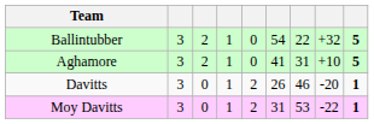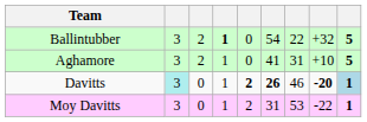 <table class="wikitable" style="text-align:center">
 <tr>
 <th style="width:175px;">Team</th>
 <th width="20"></th>
 <th width="20"></th>
 <th width="20"></th>
 <th width="20"></th>
 <th width="20"></th>
 <th width="20"></th>
 <th width="20"></th>
 <th width="20"></th>
 </tr>
 <tr style="background:#cfc;">
 <td>Ballintubber</td>
 <td>3</td>
 <td>2</td>
-<td>1</td>
+<td><strong>1</strong></td>
 <td>0</td>
 <td>54</td>
 <td>22</td>
 <td>+32</td>
 <td><strong>5</strong></td>
 </tr>
 <tr style="background:#cfc;">
 <td>Aghamore</td>
 <td>3</td>
 <td>2</td>
 <td>1</td>
 <td>0</td>
 <td>41</td>
 <td>31</td>
 <td>+10</td>
 <td><strong>5</strong></td>
 </tr>
 <tr>
 <td>Davitts</td>
-<td>3</td>
+<td style="background: paleturquoise;">3</td>
 <td>0</td>
 <td>1</td>
-<td>2</td>
-<td>26</td>
+<td><strong>2</strong></td>
+<td><strong>26</strong></td>
 <td>46</td>
-<td>-20</td>
-<td><strong>1</strong></td>
+<td><strong>-20</strong></td>
+<td style="background: lightblue;"><strong>1</strong></td>
 </tr>
 <tr style="background:#fcf;">
 <td>Moy Davitts</td>
 <td>3</td>
 <td>0</td>
 <td>1</td>
 <td>2</td>
 <td>31</td>
 <td>53</td>
 <td>-22</td>
 <td><strong>1</strong></td>
 </tr>
 </table>
